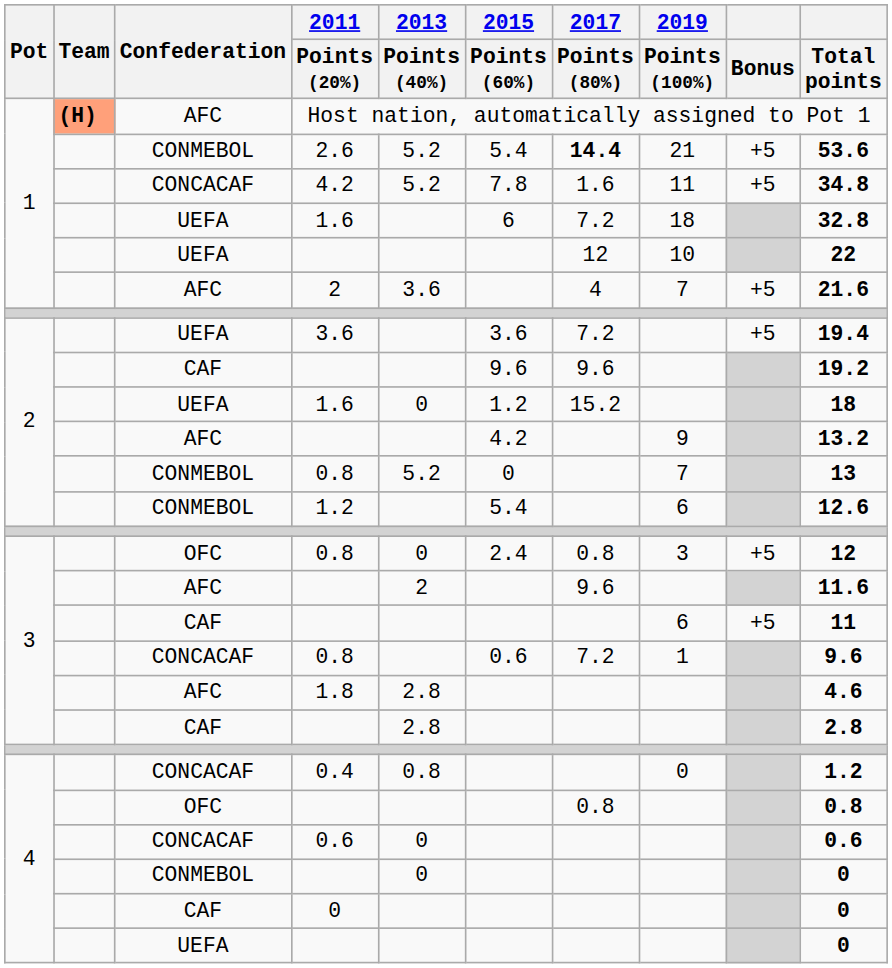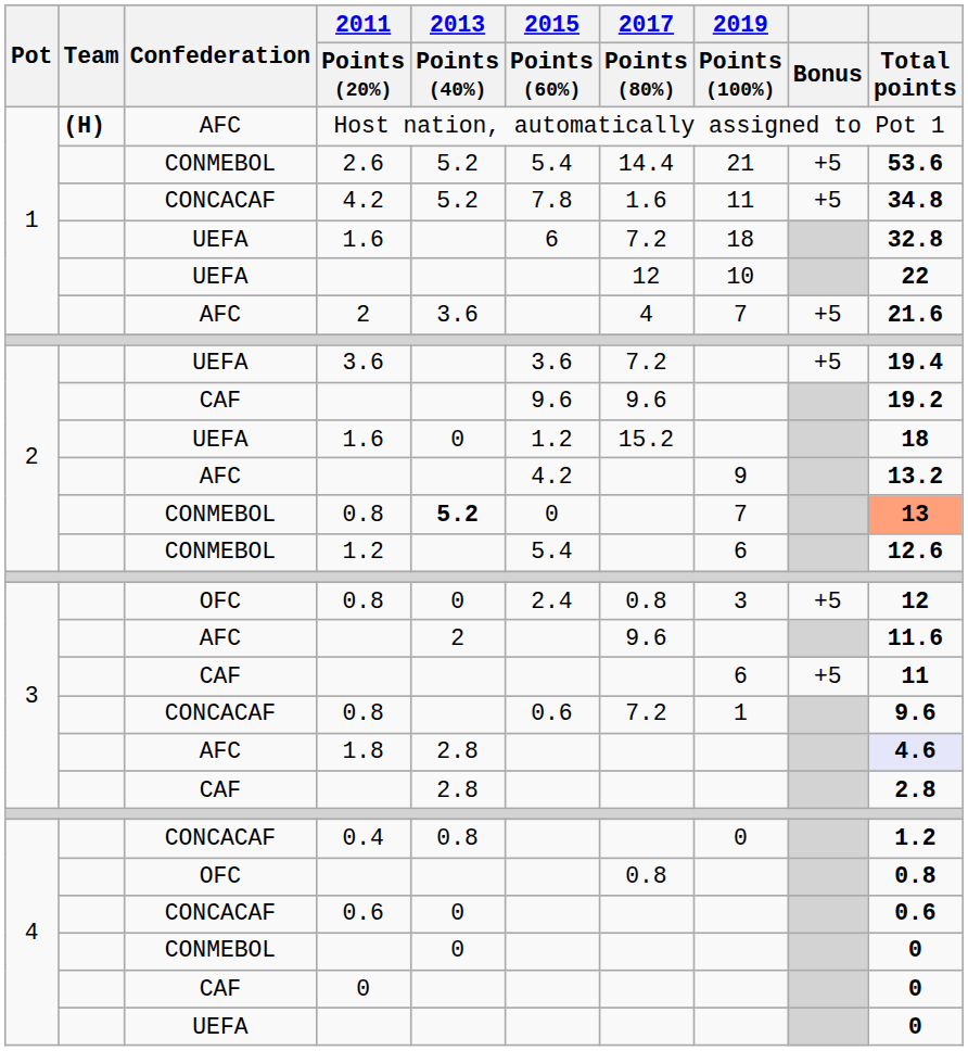 <table class="wikitable" style="text-align: center;">
 <tr>
 <th rowspan=2>Pot</th>
 <th rowspan=2>Team</th>
 <th rowspan=2>Confederation</th>
 <th><a href='#'>2011</a></th>
 <th><a href='#'>2013</a></th>
 <th><a href='#'>2015</a></th>
 <th><a href='#'>2017</a></th>
 <th><a href='#'>2019</a></th>
 <th></th>
 <th></th>
 </tr>
 <tr>
 <th>Points<br><small>(20%)</small></th>
 <th>Points<br><small>(40%)</small></th>
 <th>Points<br><small>(60%)</small></th>
 <th>Points<br><small>(80%)</small></th>
 <th>Points<br><small>(100%)</small></th>
 <th>Bonus<br></th>
 <th>Total<br>points</th>
 </tr>
 <tr>
 <td rowspan=6>1</td>
-<td align=left style="background: lightsalmon;"> <strong>(H)</strong></td>
+<td align=left> <strong>(H)</strong></td>
 <td>AFC</td>
 <td colspan=7>Host nation, automatically assigned to Pot 1</td>
 </tr>
 <tr>
 <td align=left></td>
 <td>CONMEBOL</td>
 <td>2.6</td>
 <td>5.2</td>
 <td>5.4</td>
-<td><strong>14.4</strong></td>
+<td>14.4</td>
 <td>21</td>
 <td>+5</td>
 <td><strong>53.6</strong></td>
 </tr>
 <tr>
 <td align=left></td>
 <td>CONCACAF</td>
 <td>4.2</td>
 <td>5.2</td>
 <td>7.8</td>
 <td>1.6</td>
 <td>11</td>
 <td>+5</td>
 <td><strong>34.8</strong></td>
 </tr>
 <tr>
 <td align="left"></td>
 <td>UEFA</td>
 <td>1.6</td>
 <td></td>
 <td>6</td>
 <td>7.2</td>
 <td>18</td>
 <td bgcolor=lightgrey></td>
 <td><strong>32.8</strong></td>
 </tr>
 <tr>
 <td align=left></td>
 <td>UEFA</td>
 <td></td>
 <td></td>
 <td></td>
 <td>12</td>
 <td>10</td>
 <td bgcolor=lightgrey></td>
 <td><strong>22</strong></td>
 </tr>
 <tr>
 <td align=left></td>
 <td>AFC</td>
 <td>2</td>
 <td>3.6</td>
 <td></td>
 <td>4</td>
 <td>7</td>
 <td>+5</td>
 <td><strong>21.6</strong></td>
 </tr>
 <tr>
 <td colspan=14 bgcolor=lightgrey></td>
 </tr>
 <tr>
 <td rowspan="6">2</td>
 <td align="left"></td>
 <td>UEFA</td>
 <td>3.6</td>
 <td></td>
 <td>3.6</td>
 <td>7.2</td>
 <td></td>
 <td>+5</td>
 <td><strong>19.4</strong></td>
 </tr>
 <tr>
 <td align="left"></td>
 <td>CAF</td>
 <td></td>
 <td></td>
 <td>9.6</td>
 <td>9.6</td>
 <td></td>
 <td bgcolor="lightgrey"></td>
 <td><strong>19.2</strong></td>
 </tr>
 <tr>
 <td align="left"></td>
 <td>UEFA</td>
 <td>1.6</td>
 <td>0</td>
 <td>1.2</td>
 <td>15.2</td>
 <td></td>
 <td bgcolor="lightgrey"></td>
 <td><strong>18</strong></td>
 </tr>
 <tr>
 <td align=left></td>
 <td>AFC</td>
 <td></td>
 <td></td>
 <td>4.2</td>
 <td></td>
 <td>9</td>
 <td bgcolor=lightgrey></td>
 <td><strong>13.2</strong></td>
 </tr>
 <tr>
 <td align=left></td>
 <td>CONMEBOL</td>
 <td>0.8</td>
-<td>5.2</td>
+<td><strong>5.2</strong></td>
 <td>0</td>
 <td></td>
 <td>7</td>
 <td bgcolor=lightgrey></td>
-<td><strong>13</strong></td>
+<td style="background: lightsalmon;"><strong>13</strong></td>
 </tr>
 <tr>
 <td align=left></td>
 <td>CONMEBOL</td>
 <td>1.2</td>
 <td></td>
 <td>5.4</td>
 <td></td>
 <td>6</td>
 <td bgcolor=lightgrey></td>
 <td><strong>12.6</strong></td>
 </tr>
 <tr>
 <td colspan=14 bgcolor=lightgrey></td>
 </tr>
 <tr>
 <td rowspan=6>3</td>
 <td align=left></td>
 <td>OFC</td>
 <td>0.8</td>
 <td>0</td>
 <td>2.4</td>
 <td>0.8</td>
 <td>3</td>
 <td>+5</td>
 <td><strong>12</strong></td>
 </tr>
 <tr>
 <td align=left></td>
 <td>AFC</td>
 <td></td>
 <td>2</td>
 <td></td>
 <td>9.6</td>
 <td></td>
 <td bgcolor=lightgrey></td>
 <td><strong>11.6</strong></td>
 </tr>
 <tr>
 <td align=left></td>
 <td>CAF</td>
 <td></td>
 <td></td>
 <td></td>
 <td></td>
 <td>6</td>
 <td>+5</td>
 <td><strong>11</strong></td>
 </tr>
 <tr>
 <td align=left></td>
 <td>CONCACAF</td>
 <td>0.8</td>
 <td></td>
 <td>0.6</td>
 <td>7.2</td>
 <td>1</td>
 <td bgcolor=lightgrey></td>
 <td><strong>9.6</strong></td>
 </tr>
 <tr>
 <td align=left></td>
 <td>AFC</td>
 <td>1.8</td>
 <td>2.8</td>
 <td></td>
 <td></td>
 <td></td>
 <td bgcolor=lightgrey></td>
-<td><strong>4.6</strong></td>
+<td style="background: lavender;"><strong>4.6</strong></td>
 </tr>
 <tr>
 <td align=left></td>
 <td>CAF</td>
 <td></td>
 <td>2.8</td>
 <td></td>
 <td></td>
 <td></td>
 <td bgcolor=lightgrey></td>
 <td><strong>2.8</strong></td>
 </tr>
 <tr>
 <td colspan=14 bgcolor=lightgrey></td>
 </tr>
 <tr>
 <td rowspan="6">4</td>
 <td align="left"></td>
 <td>CONCACAF</td>
 <td>0.4</td>
 <td>0.8</td>
 <td></td>
 <td></td>
 <td>0</td>
 <td bgcolor="lightgrey"></td>
 <td><strong>1.2</strong></td>
 </tr>
 <tr>
 <td align="left"></td>
 <td>OFC</td>
 <td></td>
 <td></td>
 <td></td>
 <td>0.8</td>
 <td></td>
 <td bgcolor="lightgrey"></td>
 <td><strong>0.8</strong></td>
 </tr>
 <tr>
 <td align=left></td>
 <td>CONCACAF</td>
 <td>0.6</td>
 <td>0</td>
 <td></td>
 <td></td>
 <td></td>
 <td bgcolor=lightgrey></td>
 <td><strong>0.6</strong></td>
 </tr>
 <tr>
 <td align="left"></td>
 <td>CONMEBOL</td>
 <td></td>
 <td>0</td>
 <td></td>
 <td></td>
 <td></td>
 <td bgcolor="lightgrey"></td>
 <td><strong>0</strong></td>
 </tr>
 <tr>
 <td align=left></td>
 <td>CAF</td>
 <td>0</td>
 <td></td>
 <td></td>
 <td></td>
 <td></td>
 <td bgcolor=lightgrey></td>
 <td><strong>0</strong></td>
 </tr>
 <tr>
 <td align=left></td>
 <td>UEFA</td>
 <td></td>
 <td></td>
 <td></td>
 <td></td>
 <td></td>
 <td bgcolor=lightgrey></td>
 <td><strong>0</strong></td>
 </tr>
 </table>
